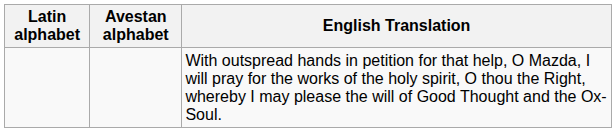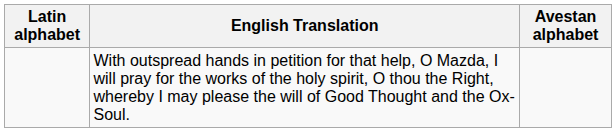 <table class="wikitable">
 <tr>
 <th>Latin alphabet<br></th>
+<th>English Translation</th>
 <th>Avestan alphabet<br></th>
-<th>English Translation</th>
 </tr>
 <tr>
 <td><br></td>
+<td>With outspread hands in petition for that help, O Mazda, I will pray for the works of the holy spirit, O thou the Right, whereby I may please the will of Good Thought and the Ox-Soul.</td>
 <td><br></td>
-<td>With outspread hands in petition for that help, O Mazda, I will pray for the works of the holy spirit, O thou the Right, whereby I may please the will of Good Thought and the Ox-Soul.</td>
 </tr>
 </table>
